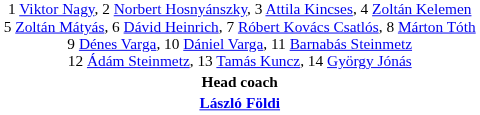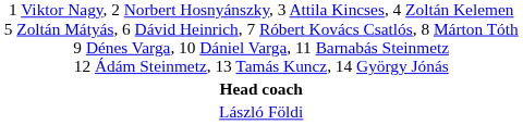 <table style="text-align: center; margin-top: 2em; margin-left: auto; margin-right: auto">
 <tr>
 <td>1 <a href='#'>Viktor Nagy</a>, 2 <a href='#'>Norbert Hosnyánszky</a>, 3 <a href='#'>Attila Kincses</a>, 4 <a href='#'>Zoltán Kelemen</a><br>5 <a href='#'>Zoltán Mátyás</a>, 6 <a href='#'>Dávid Heinrich</a>, 7 <a href='#'>Róbert Kovács Csatlós</a>, 8 <a href='#'>Márton Tóth</a><br>9 <a href='#'>Dénes Varga</a>, 10 <a href='#'>Dániel Varga</a>, 11 <a href='#'>Barnabás Steinmetz</a><br>12 <a href='#'>Ádám Steinmetz</a>, 13 <a href='#'>Tamás Kuncz</a>, 14 <a href='#'>György Jónás</a></td>
 </tr>
 <tr>
 <td><strong>Head coach</strong></td>
 </tr>
 <tr>
-<td><strong><a href='#'>László Földi</a></strong></td>
+<td><a href='#'>László Földi</a></td>
 </tr>
 </table>
